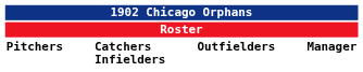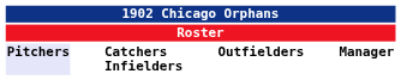 <table class="toccolours" style="font-size: 95%;">
 <tr>
 <th colspan="10" style="background-color: #0e3386; color: white; text-align: center;">1902 Chicago Orphans</th>
 </tr>
 <tr>
 <td colspan="10" style="background-color: #EE1422; color: white; text-align: center;"><strong>Roster</strong></td>
 </tr>
 <tr>
-<td valign="top"><strong>Pitchers</strong><br>         </td>
+<td valign="top" style="background: lavender;"><strong>Pitchers</strong><br>         </td>
 <td width="25px"></td>
 <td valign="top"><strong>Catchers</strong><br>   <strong>Infielders</strong>           </td>
 <td width="25px"></td>
 <td valign="top"><strong>Outfielders</strong><br>              </td>
 <td width="25px"></td>
 <td valign="top"><strong>Manager</strong><br></td>
 </tr>
 <tr>
 </tr>
 </table>
